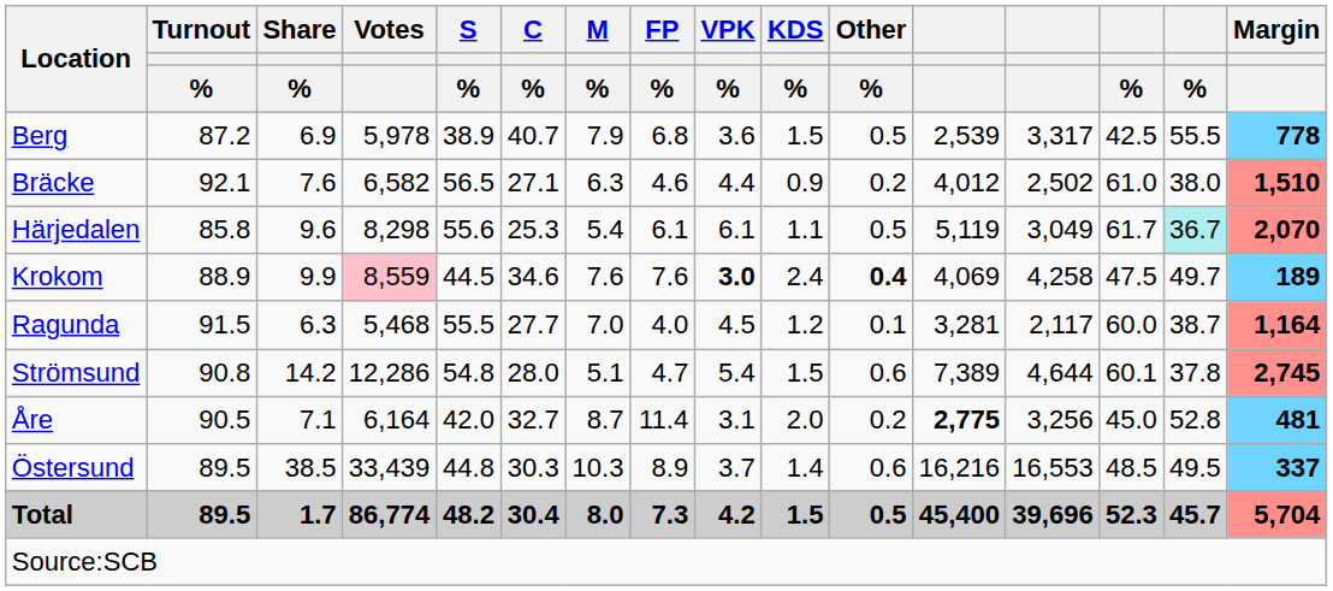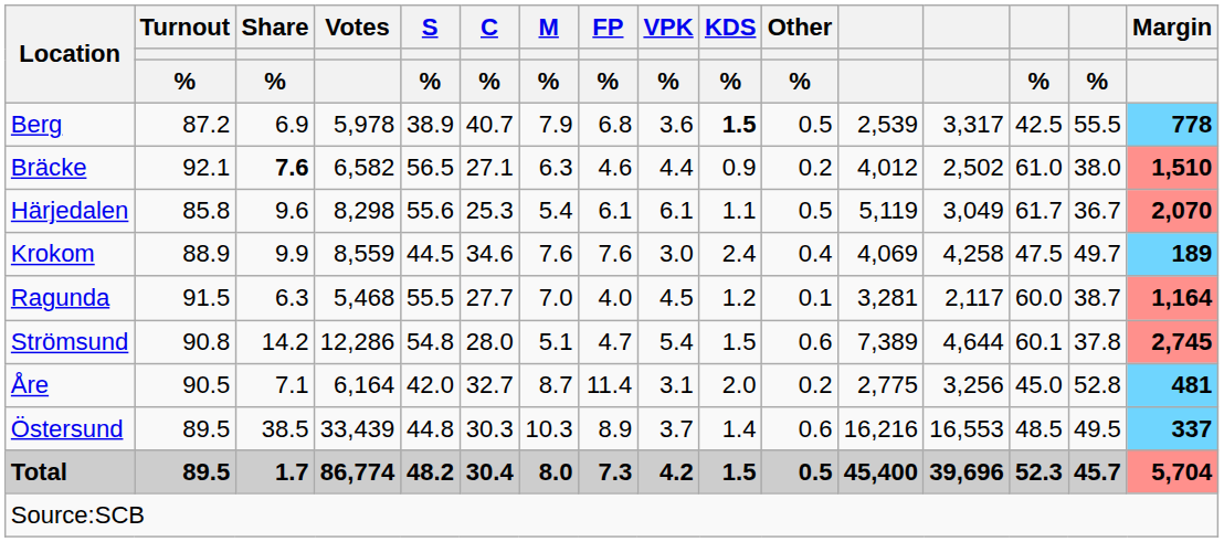 <table class="wikitable sortable" style="text-align:right; font-size:95%; line-height:20px;">
 <tr>
 <th rowspan="3">Location</th>
 <th>Turnout</th>
 <th>Share</th>
 <th>Votes</th>
 <th width="30px" class="unsortable"><a href='#'>S</a></th>
 <th width="30px" class="unsortable"><a href='#'>C</a></th>
 <th width="30px" class="unsortable"><a href='#'>M</a></th>
 <th width="30px" class="unsortable"><a href='#'>FP</a></th>
 <th width="30px" class="unsortable"><a href='#'>VPK</a></th>
 <th width="30px" class="unsortable"><a href='#'>KDS</a></th>
 <th width="30px" class="unsortable">Other</th>
 <th></th>
 <th></th>
 <th></th>
 <th></th>
 <th>Margin</th>
 </tr>
 <tr>
 <th></th>
 <th></th>
 <th></th>
 <th style="background:"></th>
 <th style="background:"></th>
 <th style="background:"></th>
 <th style="background:"></th>
 <th style="background:"></th>
 <th style="background:"></th>
 <th style="background:"></th>
 <th style="background:"></th>
 <th style="background:"></th>
 <th style="background:"></th>
 <th style="background:"></th>
 <th></th>
 </tr>
 <tr>
 <th data-sort-type="number">%</th>
 <th data-sort-type="number">%</th>
 <th></th>
 <th data-sort-type="number">%</th>
 <th data-sort-type="number">%</th>
 <th data-sort-type="number">%</th>
 <th data-sort-type="number">%</th>
 <th data-sort-type="number">%</th>
 <th data-sort-type="number">%</th>
 <th data-sort-type="number">%</th>
 <th data-sort-type="number"></th>
 <th data-sort-type="number"></th>
 <th data-sort-type="number">%</th>
 <th data-sort-type="number">%</th>
 <th data-sort-type="number"></th>
 </tr>
 <tr>
 <td align=left><a href='#'>Berg</a></td>
 <td>87.2</td>
 <td>6.9</td>
 <td>5,978</td>
 <td>38.9</td>
 <td>40.7</td>
 <td>7.9</td>
 <td>6.8</td>
 <td>3.6</td>
-<td>1.5</td>
+<td><strong>1.5</strong></td>
 <td>0.5</td>
 <td>2,539</td>
 <td>3,317</td>
 <td>42.5</td>
 <td>55.5</td>
 <td bgcolor=#6fd5fe><strong>778</strong></td>
 </tr>
 <tr>
 <td align=left><a href='#'>Bräcke</a></td>
 <td>92.1</td>
-<td>7.6</td>
+<td><strong>7.6</strong></td>
 <td>6,582</td>
 <td>56.5</td>
 <td>27.1</td>
 <td>6.3</td>
 <td>4.6</td>
 <td>4.4</td>
 <td>0.9</td>
 <td>0.2</td>
 <td>4,012</td>
 <td>2,502</td>
 <td>61.0</td>
 <td>38.0</td>
 <td bgcolor=#ff908c><strong>1,510</strong></td>
 </tr>
 <tr>
 <td align=left><a href='#'>Härjedalen</a></td>
 <td>85.8</td>
 <td>9.6</td>
 <td>8,298</td>
 <td>55.6</td>
 <td>25.3</td>
 <td>5.4</td>
 <td>6.1</td>
 <td>6.1</td>
 <td>1.1</td>
 <td>0.5</td>
 <td>5,119</td>
 <td>3,049</td>
 <td>61.7</td>
-<td style="background: paleturquoise;">36.7</td>
+<td>36.7</td>
 <td bgcolor=#ff908c><strong>2,070</strong></td>
 </tr>
 <tr>
 <td align=left><a href='#'>Krokom</a></td>
 <td>88.9</td>
 <td>9.9</td>
-<td style="background: pink;">8,559</td>
+<td>8,559</td>
 <td>44.5</td>
 <td>34.6</td>
 <td>7.6</td>
 <td>7.6</td>
-<td><strong>3.0</strong></td>
+<td>3.0</td>
 <td>2.4</td>
-<td><strong>0.4</strong></td>
+<td>0.4</td>
 <td>4,069</td>
 <td>4,258</td>
 <td>47.5</td>
 <td>49.7</td>
 <td bgcolor=#6fd5fe><strong>189</strong></td>
 </tr>
 <tr>
 <td align=left><a href='#'>Ragunda</a></td>
 <td>91.5</td>
 <td>6.3</td>
 <td>5,468</td>
 <td>55.5</td>
 <td>27.7</td>
 <td>7.0</td>
 <td>4.0</td>
 <td>4.5</td>
 <td>1.2</td>
 <td>0.1</td>
 <td>3,281</td>
 <td>2,117</td>
 <td>60.0</td>
 <td>38.7</td>
 <td bgcolor=#ff908c><strong>1,164</strong></td>
 </tr>
 <tr>
 <td align=left><a href='#'>Strömsund</a></td>
 <td>90.8</td>
 <td>14.2</td>
 <td>12,286</td>
 <td>54.8</td>
 <td>28.0</td>
 <td>5.1</td>
 <td>4.7</td>
 <td>5.4</td>
 <td>1.5</td>
 <td>0.6</td>
 <td>7,389</td>
 <td>4,644</td>
 <td>60.1</td>
 <td>37.8</td>
 <td bgcolor=#ff908c><strong>2,745</strong></td>
 </tr>
 <tr>
 <td align=left><a href='#'>Åre</a></td>
 <td>90.5</td>
 <td>7.1</td>
 <td>6,164</td>
 <td>42.0</td>
 <td>32.7</td>
 <td>8.7</td>
 <td>11.4</td>
 <td>3.1</td>
 <td>2.0</td>
 <td>0.2</td>
-<td><strong>2,775</strong></td>
+<td>2,775</td>
 <td>3,256</td>
 <td>45.0</td>
 <td>52.8</td>
 <td bgcolor=#6fd5fe><strong>481</strong></td>
 </tr>
 <tr>
 <td align=left><a href='#'>Östersund</a></td>
 <td>89.5</td>
 <td>38.5</td>
 <td>33,439</td>
 <td>44.8</td>
 <td>30.3</td>
 <td>10.3</td>
 <td>8.9</td>
 <td>3.7</td>
 <td>1.4</td>
 <td>0.6</td>
 <td>16,216</td>
 <td>16,553</td>
 <td>48.5</td>
 <td>49.5</td>
 <td bgcolor=#6fd5fe><strong>337</strong></td>
 </tr>
 <tr style="background:#CDCDCD;">
 <td align=left><strong>Total</strong></td>
 <td><strong>89.5</strong></td>
 <td><strong>1.7</strong></td>
 <td><strong>86,774</strong></td>
 <td><strong>48.2</strong></td>
 <td><strong>30.4</strong></td>
 <td><strong>8.0</strong></td>
 <td><strong>7.3</strong></td>
 <td><strong>4.2</strong></td>
 <td><strong>1.5</strong></td>
 <td><strong>0.5</strong></td>
 <td><strong>45,400</strong></td>
 <td><strong>39,696</strong></td>
 <td><strong>52.3</strong></td>
 <td><strong>45.7</strong></td>
 <td bgcolor=#ff908c><strong>5,704</strong></td>
 </tr>
 <tr>
 <td align=left colspan=16>Source:SCB </td>
 </tr>
 </table>
